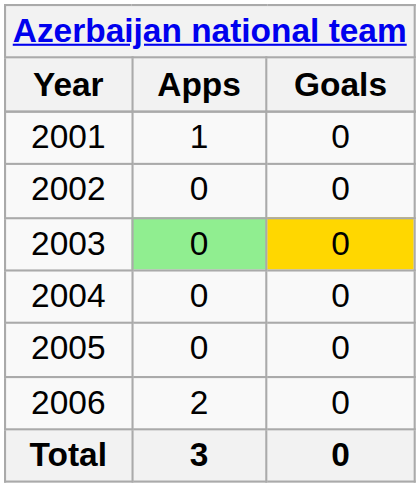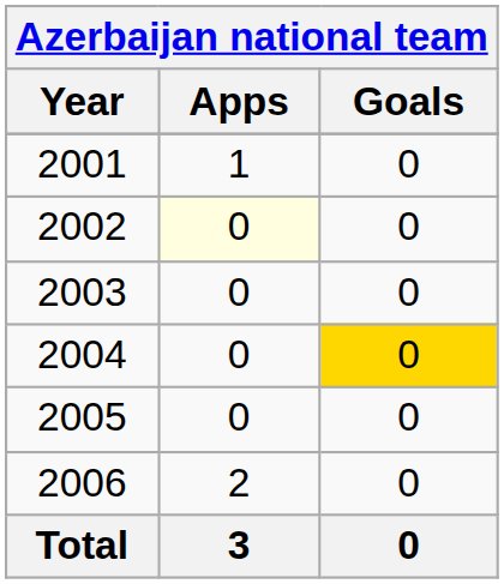 <table class="wikitable" style="text-align:center">
 <tr>
 <th colspan=3><a href='#'>Azerbaijan national team</a></th>
 </tr>
 <tr>
 <th>Year</th>
 <th>Apps</th>
 <th>Goals</th>
 </tr>
 <tr>
 </tr>
 <tr>
 <td>2001</td>
 <td>1</td>
 <td>0</td>
 </tr>
 <tr>
 <td>2002</td>
+<td style="background: lightyellow;">0</td>
+<td>0</td>
+</tr>
+<tr>
+<td>2003</td>
 <td>0</td>
 <td>0</td>
 </tr>
 <tr>
-<td>2003</td>
-<td style="background: lightgreen;">0</td>
-<td style="background: gold;">0</td>
-</tr>
-<tr>
 <td>2004</td>
 <td>0</td>
-<td>0</td>
+<td style="background: gold;">0</td>
 </tr>
 <tr>
 <td>2005</td>
 <td>0</td>
 <td>0</td>
 </tr>
 <tr>
 <td>2006</td>
 <td>2</td>
 <td>0</td>
 </tr>
 <tr>
 <th>Total</th>
 <th>3</th>
 <th>0</th>
 </tr>
 </table>
